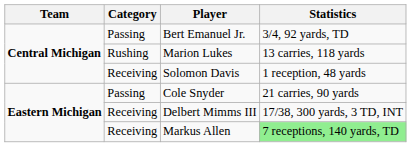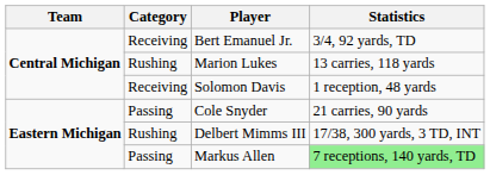 <table class="wikitable" style="float: right;">
 <tr>
 <th>Team</th>
 <th>Category</th>
 <th>Player</th>
 <th>Statistics</th>
 </tr>
 <tr>
 <td rowspan=3><strong>Central Michigan</strong></td>
-<td>Passing</td>
+<td>Receiving</td>
 <td>Bert Emanuel Jr.</td>
 <td>3/4, 92 yards, TD</td>
 </tr>
 <tr>
 <td>Rushing</td>
 <td>Marion Lukes</td>
 <td>13 carries, 118 yards</td>
 </tr>
 <tr>
 <td>Receiving</td>
 <td>Solomon Davis</td>
 <td>1 reception, 48 yards</td>
 </tr>
 <tr>
 <td rowspan=3><strong>Eastern Michigan</strong></td>
 <td>Passing</td>
 <td>Cole Snyder</td>
 <td>21 carries, 90 yards</td>
 </tr>
 <tr>
-<td>Receiving</td>
+<td>Rushing</td>
 <td>Delbert Mimms III</td>
 <td>17/38, 300 yards, 3 TD, INT</td>
 </tr>
 <tr>
-<td>Receiving</td>
+<td>Passing</td>
 <td>Markus Allen</td>
 <td style="background: lightgreen;">7 receptions, 140 yards, TD</td>
 </tr>
 </table>
